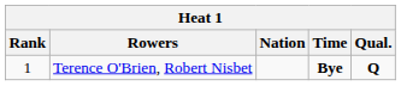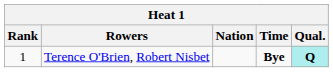 <table class="wikitable" style="text-align:center">
 <tr>
 <th colspan=5 align=center><strong>Heat 1</strong></th>
 </tr>
 <tr>
 <th>Rank</th>
 <th>Rowers</th>
 <th>Nation</th>
 <th>Time</th>
 <th>Qual.</th>
 </tr>
 <tr>
 <td>1</td>
 <td align=left><a href='#'>Terence O'Brien</a>, <a href='#'>Robert Nisbet</a></td>
 <td align=left></td>
 <td><strong>Bye</strong></td>
-<td><strong>Q</strong></td>
+<td style="background: paleturquoise;"><strong>Q</strong></td>
 </tr>
 </table>
